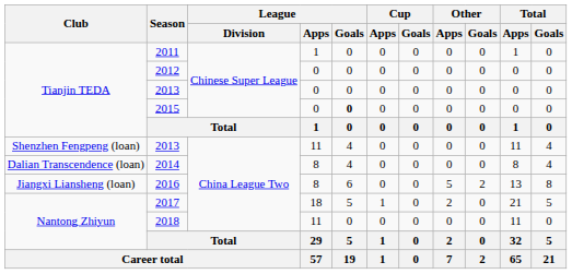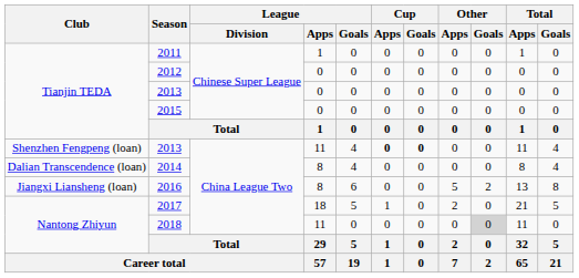 <table class="wikitable" style="text-align: center">
 <tr>
 <th rowspan="2">Club</th>
 <th rowspan="2">Season</th>
 <th colspan="3">League</th>
 <th colspan="2">Cup</th>
 <th colspan="2">Other</th>
 <th colspan="2">Total</th>
 </tr>
 <tr>
 <th>Division</th>
 <th>Apps</th>
 <th>Goals</th>
 <th>Apps</th>
 <th>Goals</th>
 <th>Apps</th>
 <th>Goals</th>
 <th>Apps</th>
 <th>Goals</th>
 </tr>
 <tr>
 <td rowspan="5"><a href='#'>Tianjin TEDA</a></td>
 <td><a href='#'>2011</a></td>
 <td rowspan="4"><a href='#'>Chinese Super League</a></td>
 <td>1</td>
 <td>0</td>
 <td>0</td>
 <td>0</td>
 <td>0</td>
 <td>0</td>
 <td>1</td>
 <td>0</td>
 </tr>
 <tr>
 <td><a href='#'>2012</a></td>
 <td>0</td>
 <td>0</td>
 <td>0</td>
 <td>0</td>
 <td>0</td>
 <td>0</td>
 <td>0</td>
 <td>0</td>
 </tr>
 <tr>
 <td><a href='#'>2013</a></td>
 <td>0</td>
 <td>0</td>
 <td>0</td>
 <td>0</td>
 <td>0</td>
 <td>0</td>
 <td>0</td>
 <td>0</td>
 </tr>
 <tr>
 <td><a href='#'>2015</a></td>
 <td>0</td>
-<td><strong>0</strong></td>
+<td>0</td>
 <td>0</td>
 <td>0</td>
 <td>0</td>
 <td>0</td>
 <td>0</td>
 <td>0</td>
 </tr>
 <tr>
 <th colspan=2>Total</th>
 <th>1</th>
 <th>0</th>
 <th>0</th>
 <th>0</th>
 <th>0</th>
 <th>0</th>
 <th>1</th>
 <th>0</th>
 </tr>
 <tr>
 <td><a href='#'>Shenzhen Fengpeng</a> (loan)</td>
 <td><a href='#'>2013</a></td>
 <td rowspan="5"><a href='#'>China League Two</a></td>
 <td>11</td>
 <td>4</td>
-<td>0</td>
-<td>0</td>
+<td><strong>0</strong></td>
+<td><strong>0</strong></td>
 <td>0</td>
 <td>0</td>
 <td>11</td>
 <td>4</td>
 </tr>
 <tr>
 <td><a href='#'>Dalian Transcendence</a> (loan)</td>
 <td><a href='#'>2014</a></td>
 <td>8</td>
 <td>4</td>
 <td>0</td>
 <td>0</td>
 <td>0</td>
 <td>0</td>
 <td>8</td>
 <td>4</td>
 </tr>
 <tr>
 <td><a href='#'>Jiangxi Liansheng</a> (loan)</td>
 <td><a href='#'>2016</a></td>
 <td>8</td>
 <td>6</td>
 <td>0</td>
 <td>0</td>
 <td>5</td>
 <td>2</td>
 <td>13</td>
 <td>8</td>
 </tr>
 <tr>
 <td rowspan="3"><a href='#'>Nantong Zhiyun</a></td>
 <td><a href='#'>2017</a></td>
 <td>18</td>
 <td>5</td>
 <td>1</td>
 <td>0</td>
 <td>2</td>
 <td>0</td>
 <td>21</td>
 <td>5</td>
 </tr>
 <tr>
 <td><a href='#'>2018</a></td>
 <td>11</td>
 <td>0</td>
 <td>0</td>
 <td>0</td>
 <td>0</td>
-<td>0</td>
+<td style="background: lightgrey;">0</td>
 <td>11</td>
 <td>0</td>
 </tr>
 <tr>
 <th colspan=2>Total</th>
 <th>29</th>
 <th>5</th>
 <th>1</th>
 <th>0</th>
 <th>2</th>
 <th>0</th>
 <th>32</th>
 <th>5</th>
 </tr>
 <tr>
 <th colspan=3>Career total</th>
 <th>57</th>
 <th>19</th>
 <th>1</th>
 <th>0</th>
 <th>7</th>
 <th>2</th>
 <th>65</th>
 <th>21</th>
 </tr>
 </table>
